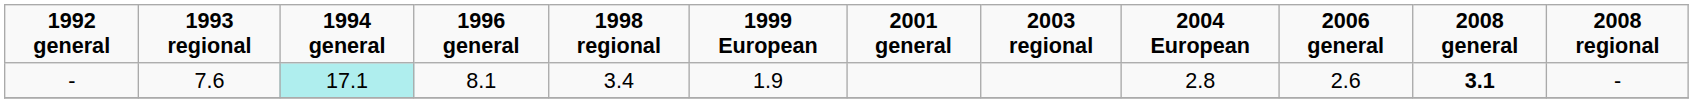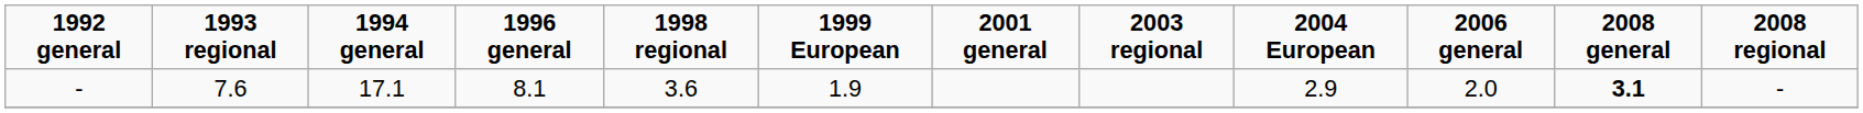 <table class="wikitable" style="text-align:center">
 <tr>
 <td><strong>1992 general</strong></td>
 <td><strong>1993 regional</strong></td>
 <td><strong>1994 general</strong></td>
 <td><strong>1996 general</strong></td>
 <td><strong>1998 regional</strong></td>
 <td><strong>1999 European</strong></td>
 <td><strong>2001 general</strong></td>
 <td><strong>2003 regional</strong></td>
 <td><strong>2004 European</strong></td>
 <td><strong>2006 general</strong></td>
 <td><strong>2008 general</strong></td>
 <td><strong>2008 regional</strong></td>
 </tr>
 <tr>
 <td>-</td>
 <td>7.6</td>
-<td style="background: paleturquoise;">17.1</td>
+<td>17.1</td>
 <td>8.1</td>
-<td>3.4</td>
+<td>3.6</td>
 <td>1.9</td>
 <td></td>
 <td></td>
-<td>2.8</td>
-<td>2.6</td>
+<td>2.9</td>
+<td>2.0</td>
 <td><strong>3.1</strong></td>
 <td>-</td>
 </tr>
 <tr>
 </tr>
 </table>
